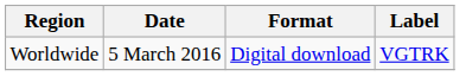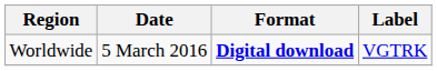 <table class=wikitable>
 <tr>
 <th>Region</th>
 <th>Date</th>
 <th>Format</th>
 <th>Label</th>
 </tr>
 <tr>
 <td>Worldwide</td>
 <td>5 March 2016</td>
-<td><a href='#'>Digital download</a></td>
+<td><strong><a href='#'>Digital download</a></strong></td>
 <td><a href='#'>VGTRK</a></td>
 </tr>
 <tr>
 </tr>
 </table>
